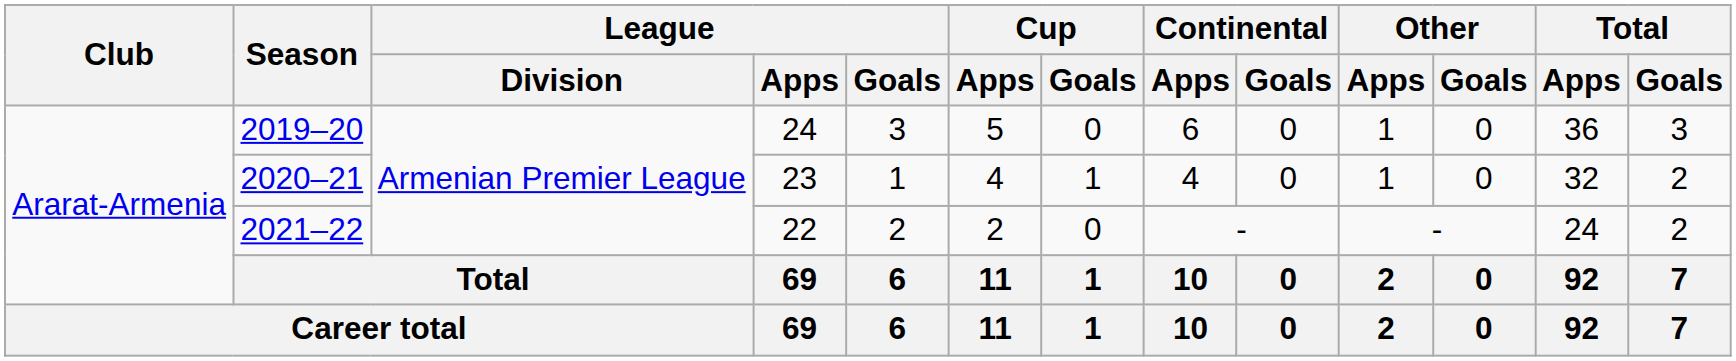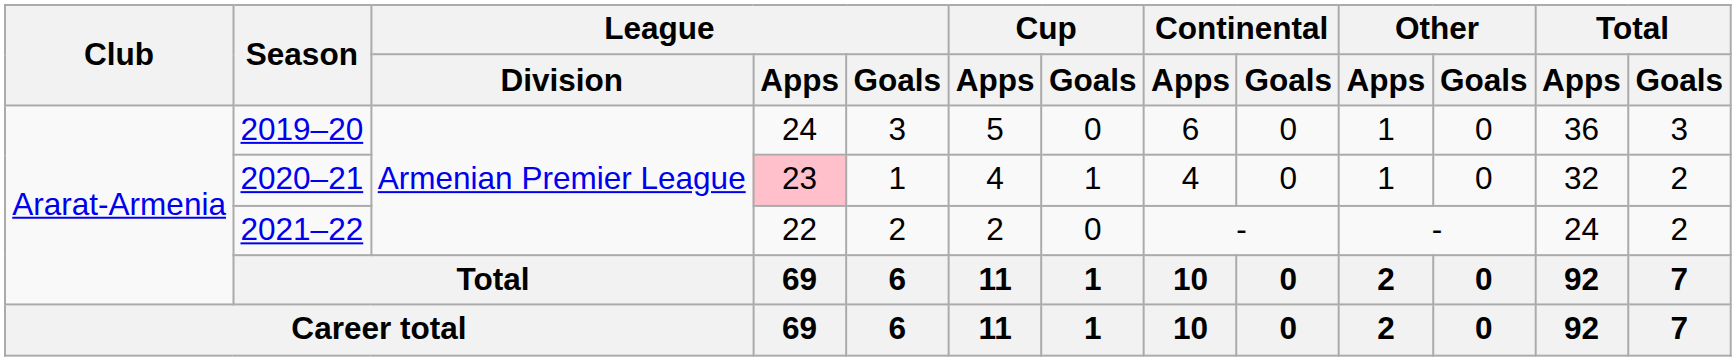 <table class="wikitable" style="text-align: center">
 <tr>
 <th rowspan="2">Club</th>
 <th rowspan="2">Season</th>
 <th colspan="3">League</th>
 <th colspan="2">Cup</th>
 <th colspan="2">Continental</th>
 <th colspan="2">Other</th>
 <th colspan="2">Total</th>
 </tr>
 <tr>
 <th>Division</th>
 <th>Apps</th>
 <th>Goals</th>
 <th>Apps</th>
 <th>Goals</th>
 <th>Apps</th>
 <th>Goals</th>
 <th>Apps</th>
 <th>Goals</th>
 <th>Apps</th>
 <th>Goals</th>
 </tr>
 <tr>
 <td rowspan="4"><a href='#'>Ararat-Armenia</a></td>
 <td><a href='#'>2019–20</a></td>
 <td rowspan="3"><a href='#'>Armenian Premier League</a></td>
 <td>24</td>
 <td>3</td>
 <td>5</td>
 <td>0</td>
 <td>6</td>
 <td>0</td>
 <td>1</td>
 <td>0</td>
 <td>36</td>
 <td>3</td>
 </tr>
 <tr>
 <td><a href='#'>2020–21</a></td>
-<td>23</td>
+<td style="background: pink;">23</td>
 <td>1</td>
 <td>4</td>
 <td>1</td>
 <td>4</td>
 <td>0</td>
 <td>1</td>
 <td>0</td>
 <td>32</td>
 <td>2</td>
 </tr>
 <tr>
 <td><a href='#'>2021–22</a></td>
 <td>22</td>
 <td>2</td>
 <td>2</td>
 <td>0</td>
 <td colspan="2">-</td>
 <td colspan="2">-</td>
 <td>24</td>
 <td>2</td>
 </tr>
 <tr>
 <th colspan="2">Total</th>
 <th>69</th>
 <th>6</th>
 <th>11</th>
 <th>1</th>
 <th>10</th>
 <th>0</th>
 <th>2</th>
 <th>0</th>
 <th>92</th>
 <th>7</th>
 </tr>
 <tr>
 <th colspan="3">Career total</th>
 <th>69</th>
 <th>6</th>
 <th>11</th>
 <th>1</th>
 <th>10</th>
 <th>0</th>
 <th>2</th>
 <th>0</th>
 <th>92</th>
 <th>7</th>
 </tr>
 </table>
